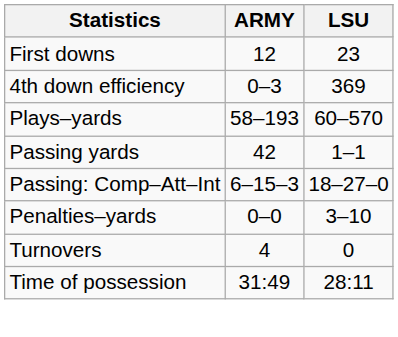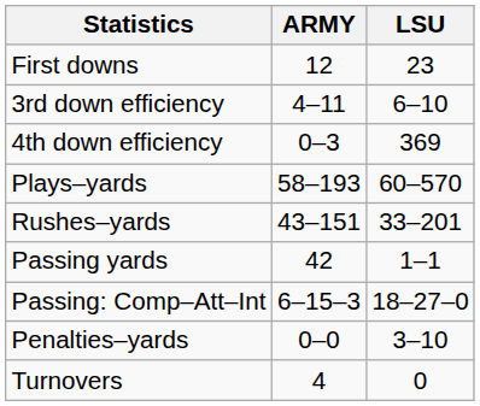 <table class="wikitable">
 <tr>
 <th>Statistics</th>
 <th>ARMY</th>
 <th>LSU</th>
 </tr>
 <tr>
 <td>First downs</td>
 <td align=center>12</td>
 <td align=center>23</td>
 </tr>
 <tr>
+<td>3rd down efficiency</td>
+<td align=center>4–11</td>
+<td align=center>6–10</td>
+</tr>
+<tr>
 <td>4th down efficiency</td>
 <td align=center>0–3</td>
 <td align=center>369</td>
 </tr>
 <tr>
 <td>Plays–yards</td>
 <td align=center>58–193</td>
 <td align=center>60–570</td>
+</tr>
+<tr>
+<td>Rushes–yards</td>
+<td align=center>43–151</td>
+<td align=center>33–201</td>
 </tr>
 <tr>
 <td>Passing yards</td>
 <td align=center>42</td>
 <td align=center>1–1</td>
 </tr>
 <tr>
 <td>Passing: Comp–Att–Int</td>
 <td align=center>6–15–3</td>
 <td align=center>18–27–0</td>
 </tr>
 <tr>
 <td>Penalties–yards</td>
 <td align=center>0–0</td>
 <td align=center>3–10</td>
 </tr>
 <tr>
 <td>Turnovers</td>
 <td align=center>4</td>
 <td align=center>0</td>
 </tr>
-<tr>
-<td>Time of possession</td>
-<td align=center>31:49</td>
-<td align=center>28:11</td>
-</tr>
 </table>
